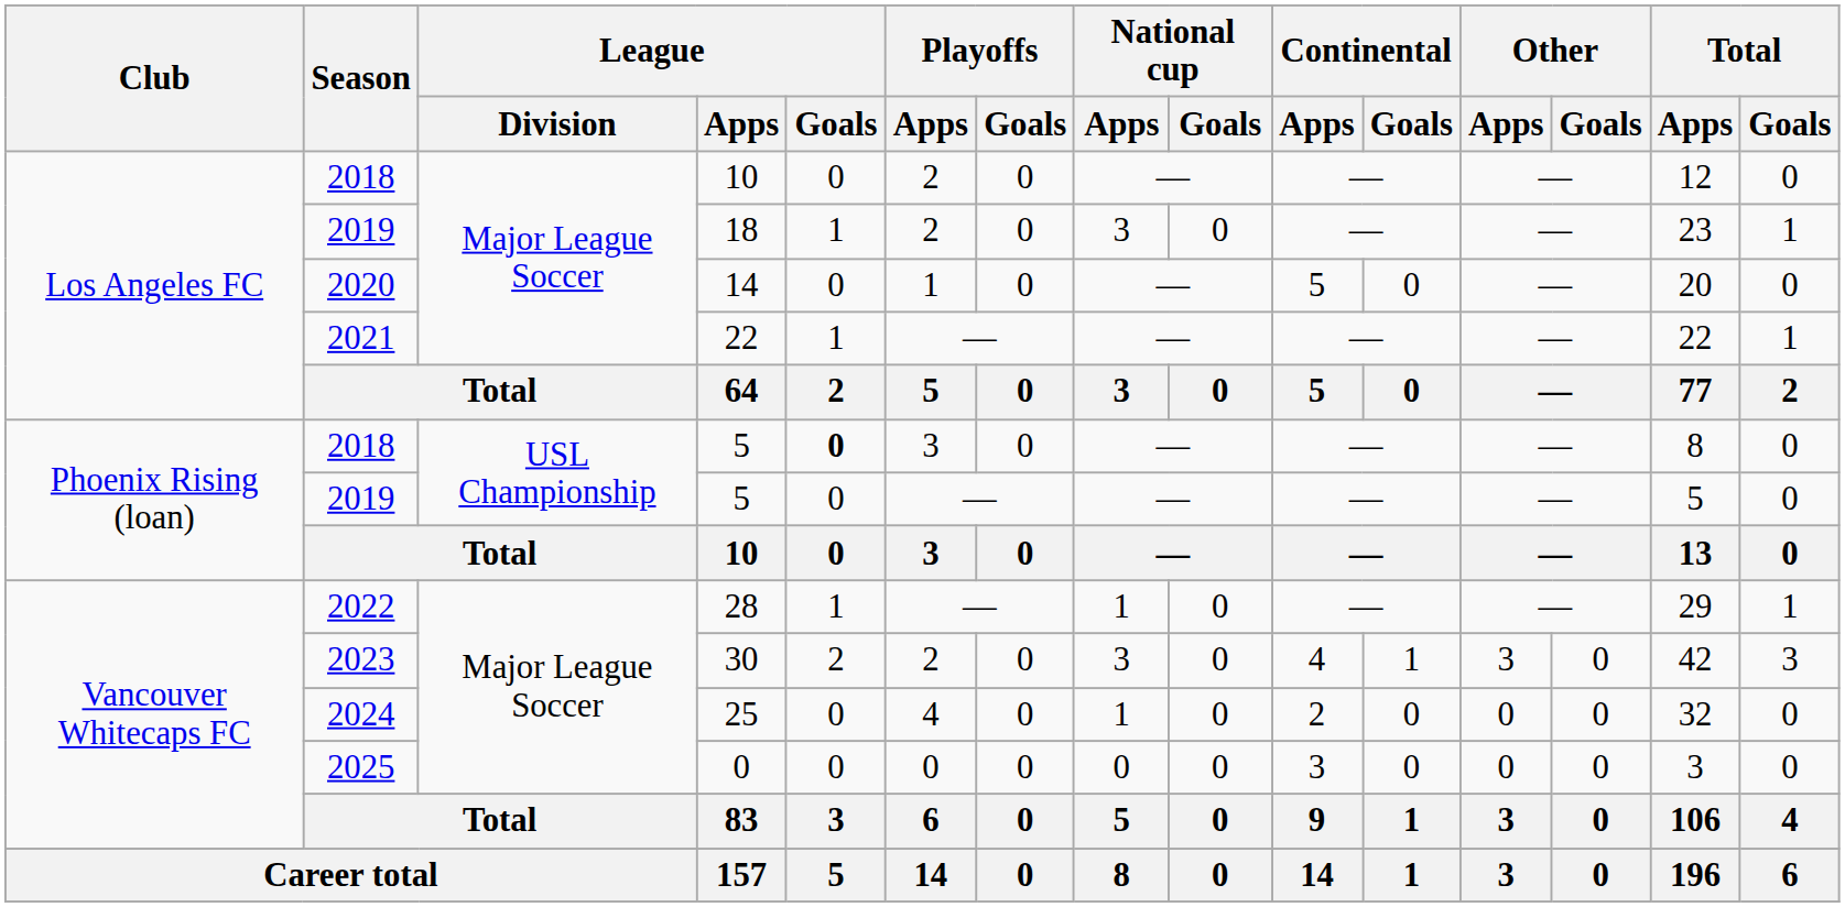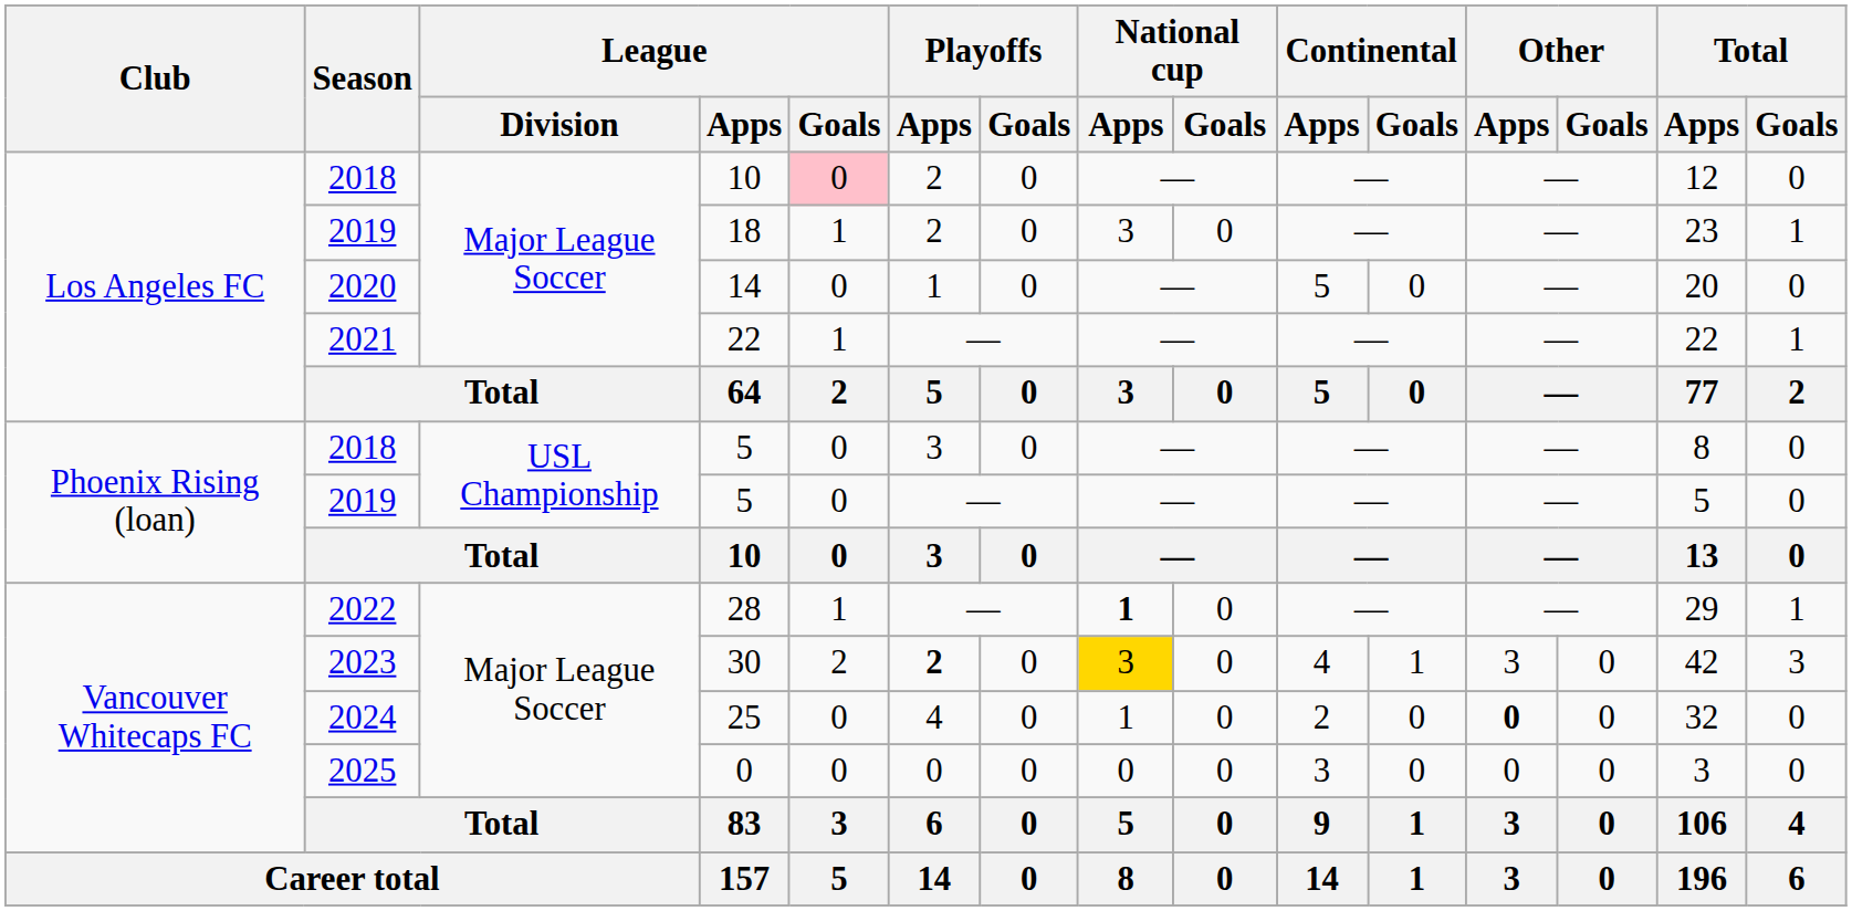 <table class="wikitable" style="text-align:center">
 <tr>
 <th rowspan="2">Club</th>
 <th rowspan="2">Season</th>
 <th colspan="3">League</th>
 <th colspan="2">Playoffs</th>
 <th colspan="2">National cup</th>
 <th colspan="2">Continental</th>
 <th colspan="2">Other</th>
 <th colspan="2">Total</th>
 </tr>
 <tr>
 <th>Division</th>
 <th>Apps</th>
 <th>Goals</th>
 <th>Apps</th>
 <th>Goals</th>
 <th>Apps</th>
 <th>Goals</th>
 <th>Apps</th>
 <th>Goals</th>
 <th>Apps</th>
 <th>Goals</th>
 <th>Apps</th>
 <th>Goals</th>
 </tr>
 <tr>
 <td rowspan="5"><a href='#'>Los Angeles FC</a></td>
 <td><a href='#'>2018</a></td>
 <td rowspan="4"><a href='#'>Major League Soccer</a></td>
 <td>10</td>
-<td>0</td>
+<td style="background: pink;">0</td>
 <td>2</td>
 <td>0</td>
 <td colspan="2">—</td>
 <td colspan="2">—</td>
 <td colspan="2">—</td>
 <td>12</td>
 <td>0</td>
 </tr>
 <tr>
 <td><a href='#'>2019</a></td>
 <td>18</td>
 <td>1</td>
 <td>2</td>
 <td>0</td>
 <td>3</td>
 <td>0</td>
 <td colspan="2">—</td>
 <td colspan="2">—</td>
 <td>23</td>
 <td>1</td>
 </tr>
 <tr>
 <td><a href='#'>2020</a></td>
 <td>14</td>
 <td>0</td>
 <td>1</td>
 <td>0</td>
 <td colspan="2">—</td>
 <td>5</td>
 <td>0</td>
 <td colspan="2">—</td>
 <td>20</td>
 <td>0</td>
 </tr>
 <tr>
 <td><a href='#'>2021</a></td>
 <td>22</td>
 <td>1</td>
 <td colspan="2">—</td>
 <td colspan="2">—</td>
 <td colspan="2">—</td>
 <td colspan="2">—</td>
 <td>22</td>
 <td>1</td>
 </tr>
 <tr>
 <th colspan="2">Total</th>
 <th>64</th>
 <th>2</th>
 <th>5</th>
 <th>0</th>
 <th>3</th>
 <th>0</th>
 <th>5</th>
 <th>0</th>
 <th colspan="2">—</th>
 <th>77</th>
 <th>2</th>
 </tr>
 <tr>
 <td rowspan="3"><a href='#'>Phoenix Rising</a> (loan)</td>
 <td><a href='#'>2018</a></td>
 <td rowspan="2"><a href='#'>USL Championship</a></td>
 <td>5</td>
-<td><strong>0</strong></td>
+<td>0</td>
 <td>3</td>
 <td>0</td>
 <td colspan="2">—</td>
 <td colspan="2">—</td>
 <td colspan="2">—</td>
 <td>8</td>
 <td>0</td>
 </tr>
 <tr>
 <td><a href='#'>2019</a></td>
 <td>5</td>
 <td>0</td>
 <td colspan="2">—</td>
 <td colspan="2">—</td>
 <td colspan="2">—</td>
 <td colspan="2">—</td>
 <td>5</td>
 <td>0</td>
 </tr>
 <tr>
 <th colspan="2">Total</th>
 <th>10</th>
 <th>0</th>
 <th>3</th>
 <th>0</th>
 <th colspan="2">—</th>
 <th colspan="2">—</th>
 <th colspan="2">—</th>
 <th>13</th>
 <th>0</th>
 </tr>
 <tr>
 <td rowspan="5"><a href='#'>Vancouver Whitecaps FC</a></td>
 <td><a href='#'>2022</a></td>
 <td rowspan="4">Major League Soccer</td>
 <td>28</td>
 <td>1</td>
 <td colspan="2">—</td>
-<td>1</td>
+<td><strong>1</strong></td>
 <td>0</td>
 <td colspan="2">—</td>
 <td colspan="2">—</td>
 <td>29</td>
 <td>1</td>
 </tr>
 <tr>
 <td><a href='#'>2023</a></td>
 <td>30</td>
 <td>2</td>
-<td>2</td>
+<td><strong>2</strong></td>
 <td>0</td>
-<td>3</td>
+<td style="background: gold;">3</td>
 <td>0</td>
 <td>4</td>
 <td>1</td>
 <td>3</td>
 <td>0</td>
 <td>42</td>
 <td>3</td>
 </tr>
 <tr>
 <td><a href='#'>2024</a></td>
 <td>25</td>
 <td>0</td>
 <td>4</td>
 <td>0</td>
 <td>1</td>
 <td>0</td>
 <td>2</td>
 <td>0</td>
-<td>0</td>
+<td><strong>0</strong></td>
 <td>0</td>
 <td>32</td>
 <td>0</td>
 </tr>
 <tr>
 <td><a href='#'>2025</a></td>
 <td>0</td>
 <td>0</td>
 <td>0</td>
 <td>0</td>
 <td>0</td>
 <td>0</td>
 <td>3</td>
 <td>0</td>
 <td>0</td>
 <td>0</td>
 <td>3</td>
 <td>0</td>
 </tr>
 <tr>
 <th colspan="2">Total</th>
 <th>83</th>
 <th>3</th>
 <th>6</th>
 <th>0</th>
 <th>5</th>
 <th>0</th>
 <th>9</th>
 <th>1</th>
 <th>3</th>
 <th>0</th>
 <th>106</th>
 <th>4</th>
 </tr>
 <tr>
 <th colspan="3">Career total</th>
 <th>157</th>
 <th>5</th>
 <th>14</th>
 <th>0</th>
 <th>8</th>
 <th>0</th>
 <th>14</th>
 <th>1</th>
 <th>3</th>
 <th>0</th>
 <th>196</th>
 <th>6</th>
 </tr>
 </table>
